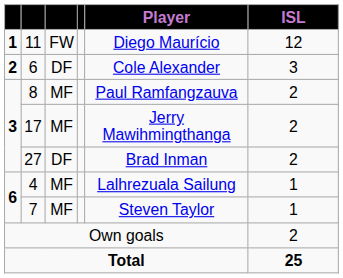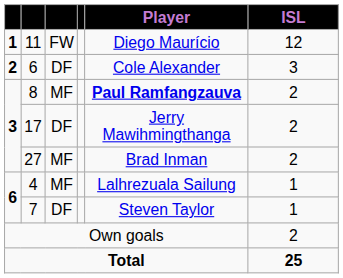 <table class="wikitable" style="font-size: 95%; text-align: center;">
 <tr>
 <th rowspan="1" style="background:#000000; color:#C47CD2; !width=15"></th>
 <th rowspan="1" style="background:#000000; color:#C47CD2; !width=15"></th>
 <th rowspan="1" style="background:#000000; color:#C47CD2; !width=15"></th>
 <th rowspan="1" style="background:#000000; color:#C47CD2; !width=15"></th>
 <th width=150 style="background:#000000; color:#C47CD2;">Player</th>
 <th width=80 style="background:#000000; color:#C47CD2;">ISL</th>
 </tr>
 <tr>
 <td rowspan=1><strong>1</strong></td>
 <td>11</td>
 <td>FW</td>
 <td></td>
 <td><a href='#'>Diego Maurício</a></td>
 <td>12</td>
 </tr>
 <tr>
 <td rowspan=1><strong>2</strong></td>
 <td>6</td>
 <td>DF</td>
 <td></td>
 <td><a href='#'>Cole Alexander</a></td>
 <td>3</td>
 </tr>
 <tr>
 <td rowspan=3><strong>3</strong></td>
 <td>8</td>
 <td>MF</td>
 <td></td>
-<td><a href='#'>Paul Ramfangzauva</a></td>
+<td><strong><a href='#'>Paul Ramfangzauva</a></strong></td>
 <td>2</td>
 </tr>
 <tr>
 <td>17</td>
-<td>MF</td>
+<td>DF</td>
 <td></td>
 <td><a href='#'>Jerry Mawihmingthanga</a></td>
 <td>2</td>
 </tr>
 <tr>
 <td>27</td>
-<td>DF</td>
+<td>MF</td>
 <td></td>
 <td><a href='#'>Brad Inman</a></td>
 <td>2</td>
 </tr>
 <tr>
 <td rowspan=2><strong>6</strong></td>
 <td>4</td>
 <td>MF</td>
 <td></td>
 <td><a href='#'>Lalhrezuala Sailung</a></td>
 <td>1</td>
 </tr>
 <tr>
 <td>7</td>
-<td>MF</td>
+<td>DF</td>
 <td></td>
 <td><a href='#'>Steven Taylor</a></td>
 <td>1</td>
 </tr>
 <tr class="sortbottom">
 <td colspan=5>Own goals</td>
 <td>2</td>
 </tr>
 <tr>
 <td colspan=5><strong>Total</strong></td>
 <td><strong>25</strong></td>
 </tr>
 </table>
